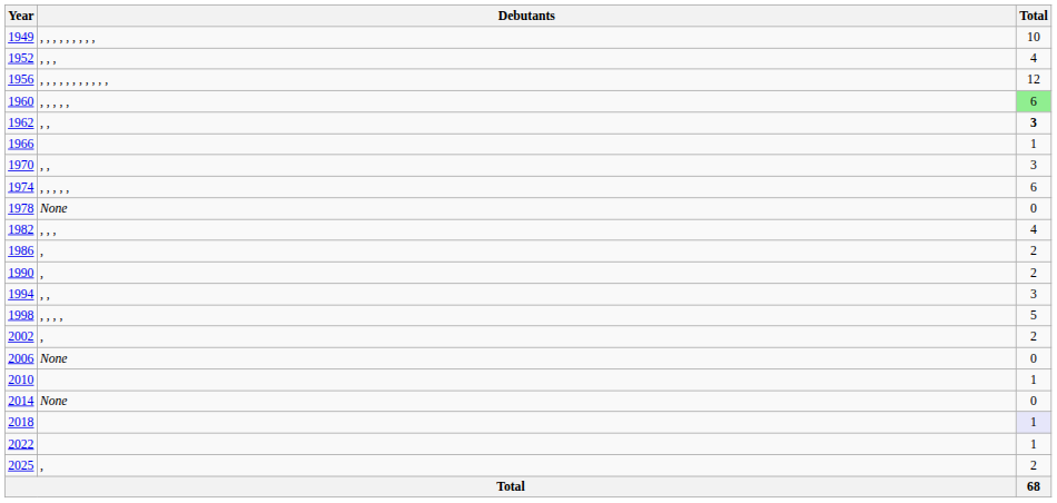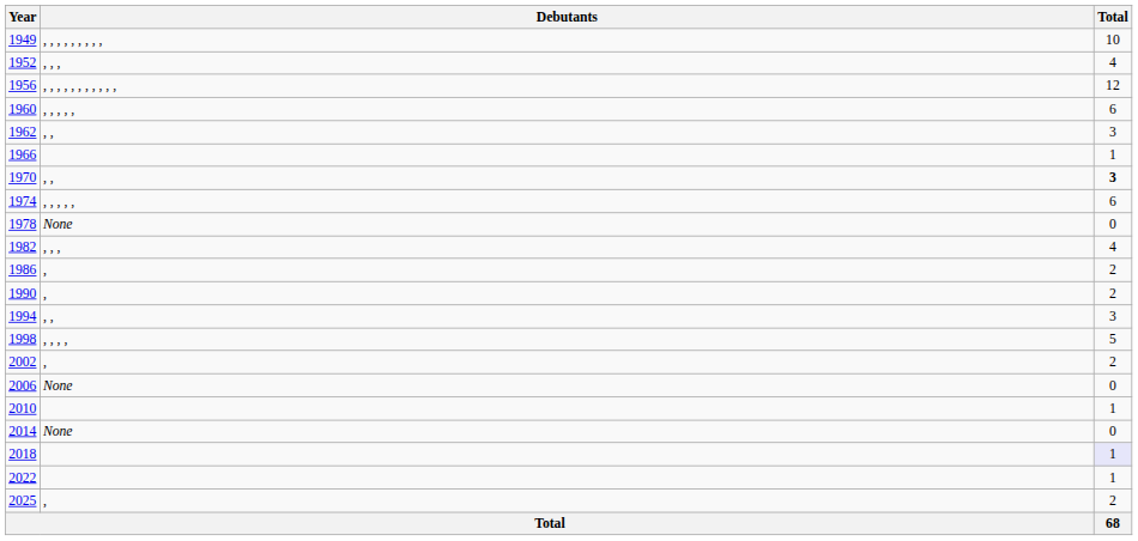 <table class="wikitable sortable" style="font-size: 90%;">
 <tr>
 <th>Year</th>
 <th width=1080px>Debutants</th>
 <th>Total</th>
 </tr>
 <tr>
 <td><a href='#'>1949</a></td>
 <td>, , , , , , , , , </td>
 <td align=center>10</td>
 </tr>
 <tr>
 <td><a href='#'>1952</a></td>
 <td>, , , </td>
 <td align=center>4</td>
 </tr>
 <tr>
 <td><a href='#'>1956</a></td>
 <td>, , , , , , , , , , , </td>
 <td align=center>12</td>
 </tr>
 <tr>
 <td><a href='#'>1960</a></td>
 <td>, , , , , </td>
-<td align=center style="background: lightgreen;">6</td>
+<td align=center>6</td>
 </tr>
 <tr>
 <td><a href='#'>1962</a></td>
 <td>, , </td>
-<td align=center><strong>3</strong></td>
+<td align=center>3</td>
 </tr>
 <tr>
 <td><a href='#'>1966</a></td>
 <td></td>
 <td align=center>1</td>
 </tr>
 <tr>
 <td><a href='#'>1970</a></td>
 <td>, , </td>
-<td align=center>3</td>
+<td align=center><strong>3</strong></td>
 </tr>
 <tr>
 <td><a href='#'>1974</a></td>
 <td>, , , , , </td>
 <td align=center>6</td>
 </tr>
 <tr>
 <td><a href='#'>1978</a></td>
 <td><em>None</em></td>
 <td align=center>0</td>
 </tr>
 <tr>
 <td><a href='#'>1982</a></td>
 <td>, , , </td>
 <td align=center>4</td>
 </tr>
 <tr>
 <td><a href='#'>1986</a></td>
 <td>, </td>
 <td align=center>2</td>
 </tr>
 <tr>
 <td><a href='#'>1990</a></td>
 <td>, </td>
 <td align=center>2</td>
 </tr>
 <tr>
 <td><a href='#'>1994</a></td>
 <td>, , </td>
 <td align=center>3</td>
 </tr>
 <tr>
 <td><a href='#'>1998</a></td>
 <td>, , , , </td>
 <td align=center>5</td>
 </tr>
 <tr>
 <td><a href='#'>2002</a></td>
 <td>, </td>
 <td align=center>2</td>
 </tr>
 <tr>
 <td><a href='#'>2006</a></td>
 <td><em>None</em></td>
 <td align=center>0</td>
 </tr>
 <tr>
 <td><a href='#'>2010</a></td>
 <td></td>
 <td align=center>1</td>
 </tr>
 <tr>
 <td><a href='#'>2014</a></td>
 <td><em>None</em></td>
 <td align=center>0</td>
 </tr>
 <tr>
 <td><a href='#'>2018</a></td>
 <td></td>
 <td align=center style="background: lavender;">1</td>
 </tr>
 <tr>
 <td><a href='#'>2022</a></td>
 <td></td>
 <td align=center>1</td>
 </tr>
 <tr>
 <td><a href='#'>2025</a></td>
 <td>, </td>
 <td align=center>2</td>
 </tr>
 <tr>
 <th colspan=2>Total</th>
 <th>68</th>
 </tr>
 </table>
